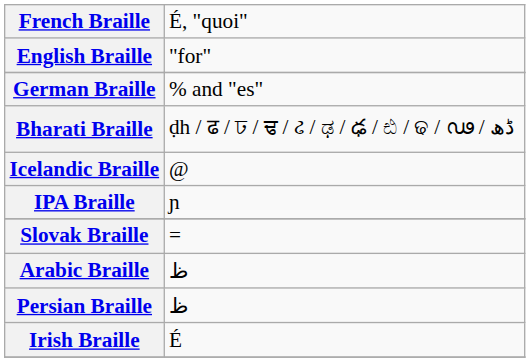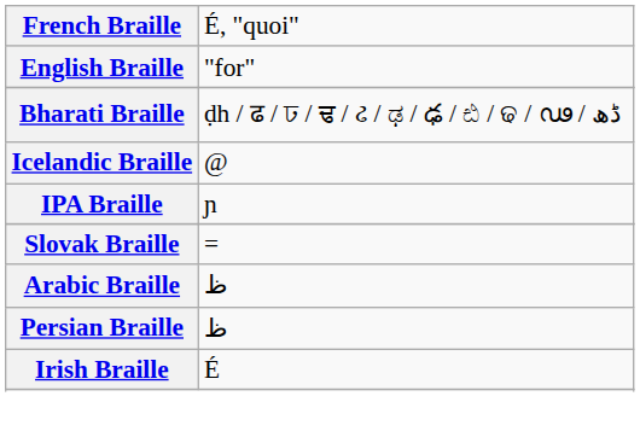 <table class="wikitable">
 <tr>
 <th align=left><a href='#'>French Braille</a></th>
 <td>É, "quoi"</td>
 </tr>
 <tr>
 <th align=left><a href='#'>English Braille</a></th>
 <td>"for"</td>
 </tr>
 <tr>
-</tr>
-<tr>
-<th align=left><a href='#'>German Braille</a></th>
-<td>% and "es"</td>
 </tr>
 <tr>
 <th align=left><a href='#'>Bharati Braille</a></th>
 <td>ḍh / ढ / ঢ / ਢ / ઢ / ಢ / ఢ / ඪ / ଢ / ഢ / ڈھ ‎</td>
 </tr>
 <tr>
 <th align=left><a href='#'>Icelandic Braille</a></th>
 <td>@</td>
 </tr>
 <tr>
 <th align=left><a href='#'>IPA Braille</a></th>
 <td>ɲ</td>
 </tr>
 <tr>
 </tr>
 <tr>
 <th align=left><a href='#'>Slovak Braille</a></th>
 <td>=</td>
 </tr>
 <tr>
 <th align=left><a href='#'>Arabic Braille</a></th>
 <td>ظ</td>
 </tr>
 <tr>
 <th align=left><a href='#'>Persian Braille</a></th>
 <td>ظ</td>
 </tr>
 <tr>
 <th align=left><a href='#'>Irish Braille</a></th>
 <td>É</td>
 </tr>
 <tr>
 </tr>
 <tr>
 </tr>
 </table>
